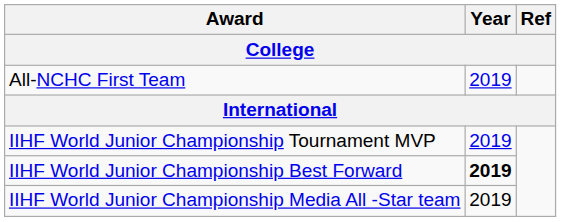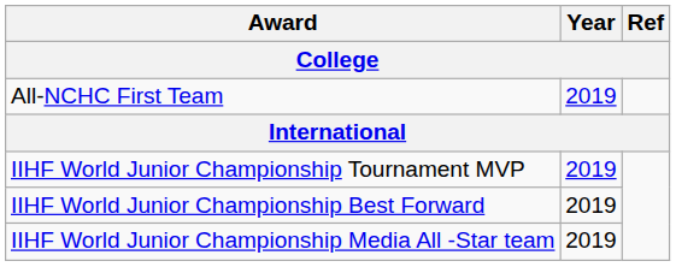 <table class="wikitable">
 <tr>
 <th>Award</th>
 <th>Year</th>
 <th>Ref</th>
 </tr>
 <tr>
 <th colspan="3"><a href='#'>College</a></th>
 </tr>
 <tr>
 <td>All-<a href='#'>NCHC First Team</a></td>
 <td><a href='#'>2019</a></td>
 <td></td>
 </tr>
 <tr>
 <th colspan="3"><a href='#'>International</a></th>
 </tr>
 <tr>
 <td><a href='#'>IIHF World Junior Championship</a> Tournament MVP</td>
 <td><a href='#'>2019</a></td>
 <td rowspan="3"></td>
 </tr>
 <tr>
 <td><a href='#'>IIHF World Junior Championship Best Forward</a></td>
-<td><strong>2019</strong></td>
+<td>2019</td>
 </tr>
 <tr>
 <td><a href='#'>IIHF World Junior Championship Media All -Star team</a></td>
 <td>2019</td>
 </tr>
 </table>
